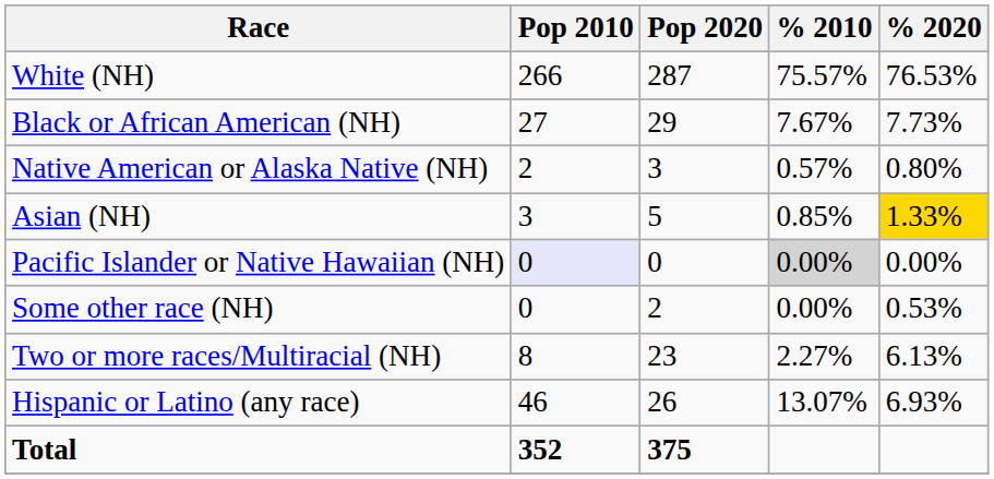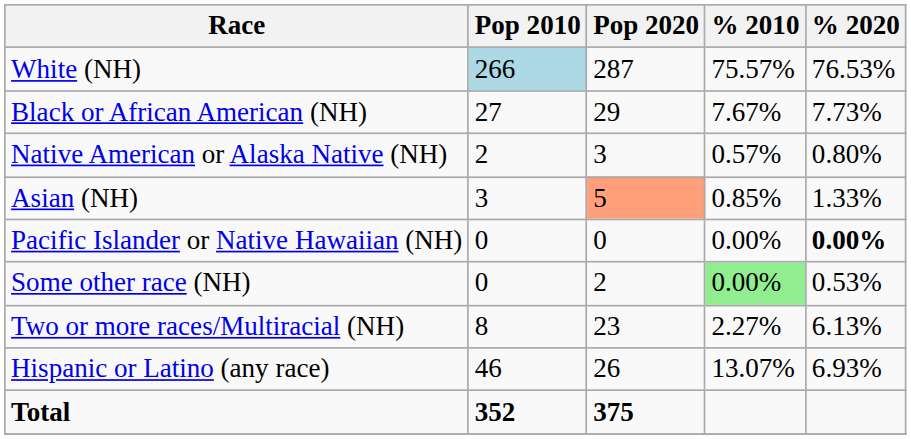 <table class="wikitable">
 <tr>
 <th>Race</th>
 <th>Pop 2010</th>
 <th>Pop 2020</th>
 <th>% 2010</th>
 <th>% 2020</th>
 </tr>
 <tr>
 <td><a href='#'>White</a> (NH)</td>
-<td>266</td>
+<td style="background: lightblue;">266</td>
 <td>287</td>
 <td>75.57%</td>
 <td>76.53%</td>
 </tr>
 <tr>
 <td><a href='#'>Black or African American</a> (NH)</td>
 <td>27</td>
 <td>29</td>
 <td>7.67%</td>
 <td>7.73%</td>
 </tr>
 <tr>
 <td><a href='#'>Native American</a> or <a href='#'>Alaska Native</a> (NH)</td>
 <td>2</td>
 <td>3</td>
 <td>0.57%</td>
 <td>0.80%</td>
 </tr>
 <tr>
 <td><a href='#'>Asian</a> (NH)</td>
 <td>3</td>
-<td>5</td>
+<td style="background: lightsalmon;">5</td>
 <td>0.85%</td>
-<td style="background: gold;">1.33%</td>
+<td>1.33%</td>
 </tr>
 <tr>
 <td><a href='#'>Pacific Islander</a> or <a href='#'>Native Hawaiian</a> (NH)</td>
-<td style="background: lavender;">0</td>
 <td>0</td>
-<td style="background: lightgrey;">0.00%</td>
+<td>0</td>
 <td>0.00%</td>
+<td><strong>0.00%</strong></td>
 </tr>
 <tr>
 <td><a href='#'>Some other race</a> (NH)</td>
 <td>0</td>
 <td>2</td>
-<td>0.00%</td>
+<td style="background: lightgreen;">0.00%</td>
 <td>0.53%</td>
 </tr>
 <tr>
 <td><a href='#'>Two or more races/Multiracial</a> (NH)</td>
 <td>8</td>
 <td>23</td>
 <td>2.27%</td>
 <td>6.13%</td>
 </tr>
 <tr>
 <td><a href='#'>Hispanic or Latino</a> (any race)</td>
 <td>46</td>
 <td>26</td>
 <td>13.07%</td>
 <td>6.93%</td>
 </tr>
 <tr>
 <td><strong>Total</strong></td>
 <td><strong>352</strong></td>
 <td><strong>375</strong></td>
 <td></td>
 <td></td>
 </tr>
 <tr>
 </tr>
 </table>
